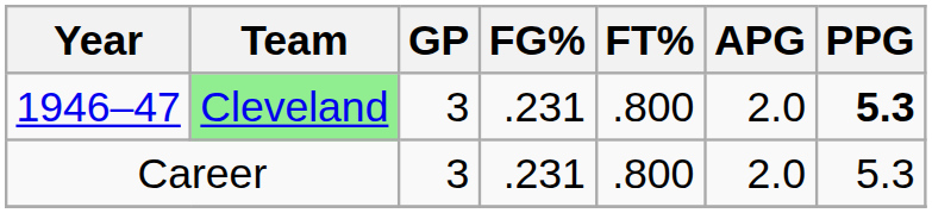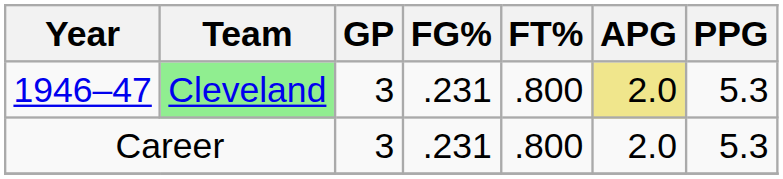 <table class="wikitable sortable" style="font-size:95%; text-align:right;">
 <tr>
 <th>Year</th>
 <th>Team</th>
 <th>GP</th>
 <th>FG%</th>
 <th>FT%</th>
 <th>APG</th>
 <th>PPG</th>
 </tr>
 <tr>
 <td style="text-align:left;"><a href='#'>1946–47</a></td>
 <td style="background: lightgreen; text-align:left;"><a href='#'>Cleveland</a></td>
 <td>3</td>
 <td>.231</td>
 <td>.800</td>
-<td>2.0</td>
-<td><strong>5.3</strong></td>
+<td style="background: khaki;">2.0</td>
+<td>5.3</td>
 </tr>
 <tr>
 <td style="text-align:center;" colspan="2">Career</td>
 <td>3</td>
 <td>.231</td>
 <td>.800</td>
 <td>2.0</td>
 <td>5.3</td>
 </tr>
 <tr>
 </tr>
 </table>
